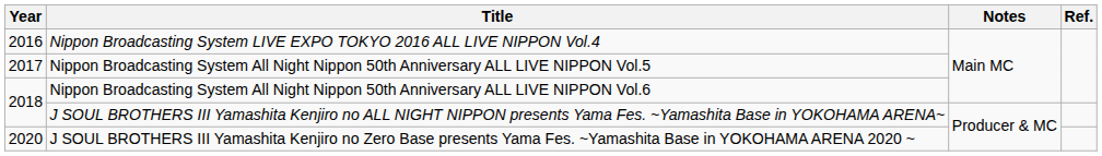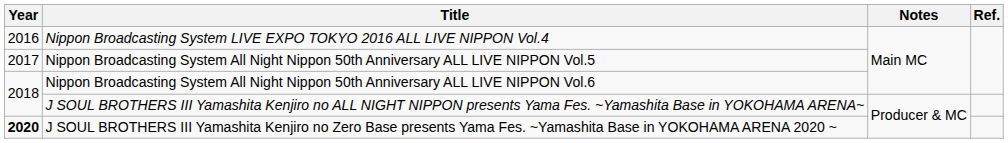 <table class="wikitable">
 <tr>
 <th>Year</th>
 <th>Title</th>
 <th>Notes</th>
 <th>Ref.</th>
 </tr>
 <tr>
 <td>2016</td>
 <td><em>Nippon Broadcasting System LIVE EXPO TOKYO 2016 ALL LIVE NIPPON Vol.4</em></td>
 <td rowspan="3">Main MC</td>
 <td rowspan="3"></td>
 </tr>
 <tr>
 <td>2017</td>
 <td>Nippon Broadcasting System All Night Nippon 50th Anniversary ALL LIVE NIPPON Vol.5</td>
 </tr>
 <tr>
 <td rowspan="2">2018</td>
 <td>Nippon Broadcasting System All Night Nippon 50th Anniversary ALL LIVE NIPPON Vol.6</td>
 </tr>
 <tr>
 <td><em>J SOUL BROTHERS III Yamashita Kenjiro no ALL NIGHT NIPPON presents Yama Fes. ~Yamashita Base in YOKOHAMA ARENA~</em></td>
 <td rowspan="2">Producer & MC</td>
 <td></td>
 </tr>
 <tr>
-<td>2020</td>
+<td><strong>2020</strong></td>
 <td>J SOUL BROTHERS III Yamashita Kenjiro no Zero Base presents Yama Fes. ~Yamashita Base in YOKOHAMA ARENA 2020 ~</td>
 <td></td>
 </tr>
 </table>
